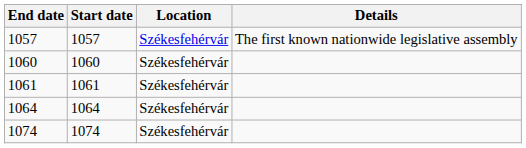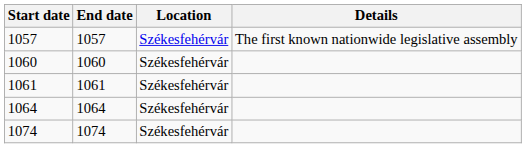 <table class="wikitable">
 <tr>
+<th>Start date</th>
 <th>End date</th>
-<th>Start date</th>
 <th>Location</th>
 <th>Details</th>
 </tr>
 <tr>
 <td>1057</td>
 <td>1057</td>
 <td><a href='#'>Székesfehérvár</a></td>
 <td>The first known nationwide legislative assembly</td>
 </tr>
 <tr>
 <td>1060</td>
 <td>1060</td>
 <td>Székesfehérvár</td>
 <td></td>
 </tr>
 <tr>
 <td>1061</td>
 <td>1061</td>
 <td>Székesfehérvár</td>
 <td></td>
 </tr>
 <tr>
 <td>1064</td>
 <td>1064</td>
 <td>Székesfehérvár</td>
 <td></td>
 </tr>
 <tr>
 <td>1074</td>
 <td>1074</td>
 <td>Székesfehérvár</td>
 <td></td>
 </tr>
 </table>
